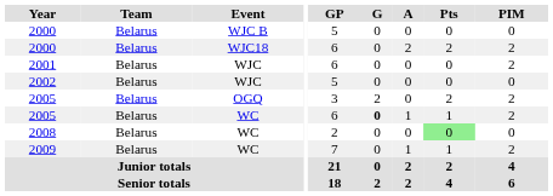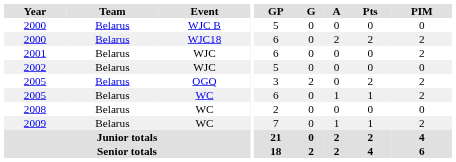 <table border="0" cellpadding="1" cellspacing="0" ID="Table3" style="text-align:center; width:40em">
 <tr ALIGN="center" bgcolor="#e0e0e0">
 <th>Year</th>
 <th>Team</th>
 <th>Event</th>
 <th rowspan="99" bgcolor="#ffffff"></th>
 <th>GP</th>
 <th>G</th>
 <th>A</th>
 <th>Pts</th>
 <th>PIM</th>
 </tr>
 <tr>
 <td><a href='#'>2000</a></td>
 <td><a href='#'>Belarus</a></td>
 <td><a href='#'>WJC B</a></td>
 <td>5</td>
 <td>0</td>
 <td>0</td>
 <td>0</td>
 <td>0</td>
 </tr>
 <tr bgcolor="#f0f0f0">
 <td><a href='#'>2000</a></td>
 <td><a href='#'>Belarus</a></td>
 <td><a href='#'>WJC18</a></td>
 <td>6</td>
 <td>0</td>
 <td>2</td>
 <td>2</td>
 <td>2</td>
 </tr>
 <tr>
 <td><a href='#'>2001</a></td>
 <td>Belarus</td>
 <td>WJC</td>
 <td>6</td>
 <td>0</td>
 <td>0</td>
 <td>0</td>
 <td>2</td>
 </tr>
 <tr bgcolor="#f0f0f0">
 <td><a href='#'>2002</a></td>
 <td>Belarus</td>
 <td>WJC</td>
 <td>5</td>
 <td>0</td>
 <td>0</td>
 <td>0</td>
 <td>0</td>
 </tr>
 <tr>
 <td><a href='#'>2005</a></td>
 <td><a href='#'>Belarus</a></td>
 <td><a href='#'>OGQ</a></td>
 <td>3</td>
 <td>2</td>
 <td>0</td>
 <td>2</td>
 <td>2</td>
 </tr>
 <tr bgcolor="#f0f0f0">
 <td><a href='#'>2005</a></td>
 <td>Belarus</td>
 <td><a href='#'>WC</a></td>
 <td>6</td>
-<td><strong>0</strong></td>
+<td>0</td>
 <td>1</td>
 <td>1</td>
 <td>2</td>
 </tr>
 <tr>
 <td><a href='#'>2008</a></td>
 <td>Belarus</td>
 <td>WC</td>
 <td>2</td>
 <td>0</td>
 <td>0</td>
-<td style="background: lightgreen;">0</td>
+<td>0</td>
 <td>0</td>
 </tr>
 <tr bgcolor="#f0f0f0">
 <td><a href='#'>2009</a></td>
 <td>Belarus</td>
 <td>WC</td>
 <td>7</td>
 <td>0</td>
 <td>1</td>
 <td>1</td>
 <td>2</td>
 </tr>
 <tr bgcolor="#e0e0e0">
 <th colspan=3>Junior totals</th>
 <th>21</th>
 <th>0</th>
 <th>2</th>
 <th>2</th>
 <th>4</th>
 </tr>
 <tr bgcolor="#e0e0e0">
 <th colspan=3>Senior totals</th>
 <th>18</th>
 <th>2</th>
 <th>2</th>
 <th>4</th>
 <th>6</th>
 </tr>
 </table>
